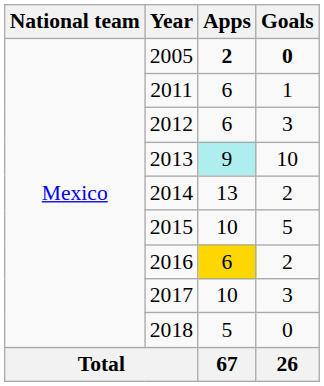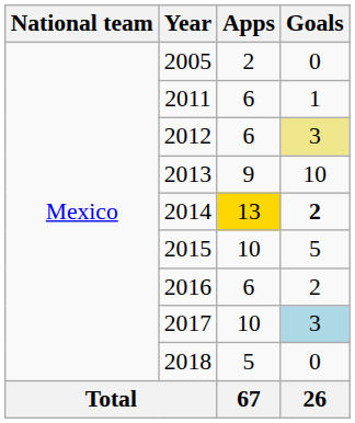 <table class="wikitable" style="text-align:center">
 <tr>
 <th>National team</th>
 <th>Year</th>
 <th>Apps</th>
 <th>Goals</th>
 </tr>
 <tr>
 <td rowspan="9"><a href='#'>Mexico</a></td>
 <td>2005</td>
-<td><strong>2</strong></td>
-<td><strong>0</strong></td>
+<td>2</td>
+<td>0</td>
 </tr>
 <tr>
 <td>2011</td>
 <td>6</td>
 <td>1</td>
 </tr>
 <tr>
 <td>2012</td>
 <td>6</td>
-<td>3</td>
+<td style="background: khaki;">3</td>
 </tr>
 <tr>
 <td>2013</td>
-<td style="background: paleturquoise;">9</td>
+<td>9</td>
 <td>10</td>
 </tr>
 <tr>
 <td>2014</td>
-<td>13</td>
-<td>2</td>
+<td style="background: gold;">13</td>
+<td><strong>2</strong></td>
 </tr>
 <tr>
 <td>2015</td>
 <td>10</td>
 <td>5</td>
 </tr>
 <tr>
 <td>2016</td>
-<td style="background: gold;">6</td>
+<td>6</td>
 <td>2</td>
 </tr>
 <tr>
 <td>2017</td>
 <td>10</td>
-<td>3</td>
+<td style="background: lightblue;">3</td>
 </tr>
 <tr>
 <td>2018</td>
 <td>5</td>
 <td>0</td>
 </tr>
 <tr>
 <th colspan="2">Total</th>
 <th>67</th>
 <th>26</th>
 </tr>
 </table>
